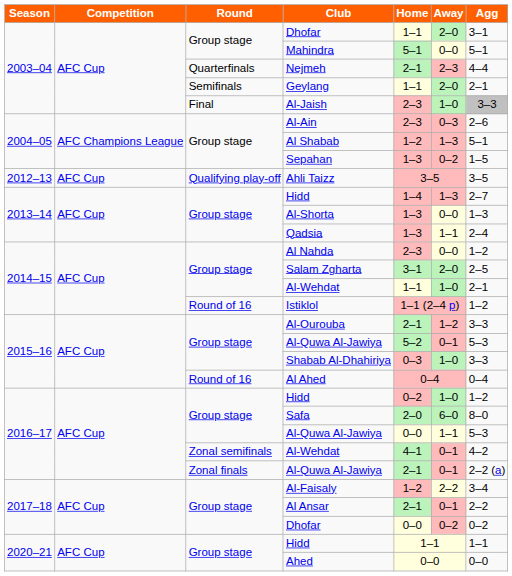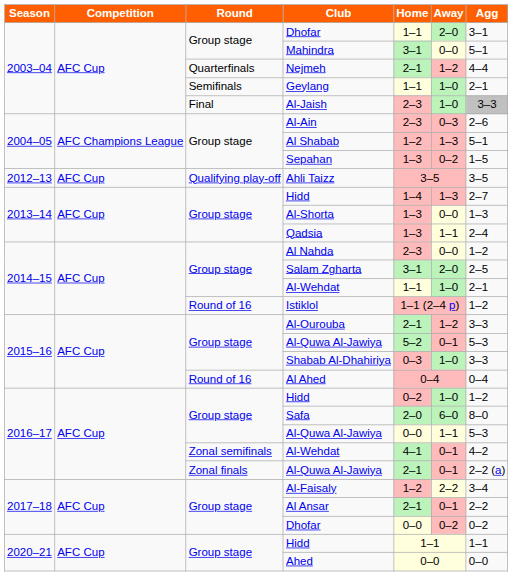 <table class="wikitable">
 <tr>
 <th style="color:white; background: #FF5F00;">Season</th>
 <th style="color:white; background: #FF5F00;">Competition</th>
 <th style="color:white; background:#FF5F00;">Round</th>
 <th style="color:white; background:#FF5F00;">Club</th>
 <th style="color:white; background:#FF5F00;">Home</th>
 <th style="color:white; background:#FF5F00;">Away</th>
 <th style="color:white; background:#FF5F00;">Agg</th>
 </tr>
 <tr>
 <td rowspan=5><a href='#'>2003–04</a></td>
 <td rowspan=5><a href='#'>AFC Cup</a></td>
 <td rowspan=2>Group stage</td>
 <td> <a href='#'>Dhofar</a></td>
 <td align="center" colspan="1" style="background: #ffd;">1–1</td>
 <td align="center" style="background: #BBF3BB;">2–0</td>
 <td>3–1</td>
 </tr>
 <tr>
 <td> <a href='#'>Mahindra</a></td>
-<td align="center" style="background: #BBF3BB;">5–1</td>
+<td align="center" style="background: #BBF3BB;">3–1</td>
 <td align="center" style="background: #ffd;">0–0</td>
 <td>5–1</td>
 </tr>
 <tr>
 <td>Quarterfinals</td>
 <td> <a href='#'>Nejmeh</a></td>
 <td align="center" colspan="1" style="background: #BBF3BB;">2–1</td>
-<td align="center" style="background: #FFBBBB;">2–3</td>
+<td align="center" style="background: #FFBBBB;">1–2</td>
 <td>4–4</td>
 </tr>
 <tr>
 <td>Semifinals</td>
 <td> <a href='#'>Geylang</a></td>
 <td align="center" style="background: #ffd;">1–1</td>
-<td align="center" style="background: #BBF3BB;">2–0</td>
+<td align="center" colspan="1" style="background: #BBF3BB;">1–0</td>
 <td>2–1</td>
 </tr>
 <tr>
 <td>Final</td>
 <td> <a href='#'>Al-Jaish</a></td>
 <td align="center" style="background: #FFBBBB;">2–3</td>
 <td align="center" colspan="1" style="background: #BBF3BB;">1–0</td>
 <td align="center" colspan="1" style="background: silver;">3–3 </td>
 </tr>
 <tr>
 <td rowspan=3><a href='#'>2004–05</a></td>
 <td rowspan=3><a href='#'>AFC Champions League</a></td>
 <td rowspan=3>Group stage</td>
 <td> <a href='#'>Al-Ain</a></td>
 <td align="center" style="background: #FFBBBB;">2–3</td>
 <td align="center" style="background: #FFBBBB;">0–3</td>
 <td>2–6</td>
 </tr>
 <tr>
 <td> <a href='#'>Al Shabab</a></td>
 <td align="center" style="background: #FFBBBB;">1–2</td>
 <td align="center" style="background: #FFBBBB;">1–3</td>
 <td>5–1</td>
 </tr>
 <tr>
 <td> <a href='#'>Sepahan</a></td>
 <td align="center" style="background: #FFBBBB;">1–3</td>
 <td align="center" style="background: #FFBBBB;">0–2</td>
 <td>1–5</td>
 </tr>
 <tr>
 <td rowspan=1><a href='#'>2012–13</a></td>
 <td rowspan=1><a href='#'>AFC Cup</a></td>
 <td rowspan=1><a href='#'>Qualifying play-off</a></td>
 <td> <a href='#'>Ahli Taizz</a></td>
 <td align="center" colspan="2"  style="background: #FFBBBB;">3–5</td>
 <td>3–5</td>
 </tr>
 <tr>
 <td rowspan=3><a href='#'>2013–14</a></td>
 <td rowspan=3><a href='#'>AFC Cup</a></td>
 <td rowspan=3><a href='#'>Group stage</a></td>
 <td> <a href='#'>Hidd</a></td>
 <td align="center" style="background: #FFBBBB;">1–4</td>
 <td align="center" style="background: #FFBBBB;">1–3</td>
 <td>2–7</td>
 </tr>
 <tr>
 <td> <a href='#'>Al-Shorta</a></td>
 <td align="center" style="background: #FFBBBB;">1–3</td>
 <td align="center" style="background: #ffd;">0–0</td>
 <td>1–3</td>
 </tr>
 <tr>
 <td> <a href='#'>Qadsia</a></td>
 <td align="center" style="background: #FFBBBB;">1–3</td>
 <td align="center" style="background: #ffd;">1–1</td>
 <td>2–4</td>
 </tr>
 <tr>
 <td rowspan=4><a href='#'>2014–15</a></td>
 <td rowspan=4><a href='#'>AFC Cup</a></td>
 <td rowspan=3><a href='#'>Group stage</a></td>
 <td> <a href='#'>Al Nahda</a></td>
 <td align="center" style="background: #FFBBBB;">2–3</td>
 <td align="center" style="background: #ffd;">0–0</td>
 <td>1–2</td>
 </tr>
 <tr>
 <td> <a href='#'>Salam Zgharta</a></td>
 <td align="center" style="background: #BBF3BB;">3–1</td>
 <td align="center" style="background: #BBF3BB;">2–0</td>
 <td>2–5</td>
 </tr>
 <tr>
 <td> <a href='#'>Al-Wehdat</a></td>
 <td align="center" style="background: #ffd;">1–1</td>
 <td align="center" style="background: #BBF3BB;">1–0</td>
 <td>2–1</td>
 </tr>
 <tr>
 <td><a href='#'>Round of 16</a></td>
 <td> <a href='#'>Istiklol</a></td>
 <td align="center" colspan="2"  style="background: #FFBBBB;">1–1  (2–4 <a href='#'>p</a>)</td>
 <td>1–2</td>
 </tr>
 <tr>
 <td rowspan=4><a href='#'>2015–16</a></td>
 <td rowspan=4><a href='#'>AFC Cup</a></td>
 <td rowspan=3><a href='#'>Group stage</a></td>
 <td> <a href='#'>Al-Ourouba</a></td>
 <td align="center" style="background: #BBF3BB;">2–1</td>
 <td align="center" style="background: #FFBBBB;">1–2</td>
 <td>3–3</td>
 </tr>
 <tr>
 <td> <a href='#'>Al-Quwa Al-Jawiya</a></td>
 <td align="center" style="background: #BBF3BB;">5–2</td>
 <td align="center" style="background: #FFBBBB;">0–1</td>
 <td>5–3</td>
 </tr>
 <tr>
 <td> <a href='#'>Shabab Al-Dhahiriya</a></td>
 <td align="center" style="background: #FFBBBB;">0–3</td>
 <td align="center" colspan="1" style="background: #BBF3BB;">1–0</td>
 <td>3–3</td>
 </tr>
 <tr>
 <td><a href='#'>Round of 16</a></td>
 <td> <a href='#'>Al Ahed</a></td>
 <td align="center" colspan="2"  style="background: #FFBBBB;">0–4</td>
 <td>0–4</td>
 </tr>
 <tr>
 <td rowspan=5><a href='#'>2016–17</a></td>
 <td rowspan=5><a href='#'>AFC Cup</a></td>
 <td rowspan=3><a href='#'>Group stage</a></td>
 <td> <a href='#'>Hidd</a></td>
 <td align="center" style="background: #FFBBBB;">0–2</td>
 <td align="center" style="background: #BBF3BB;">1–0</td>
 <td>1–2</td>
 </tr>
 <tr>
 <td> <a href='#'>Safa</a></td>
 <td align="center" style="background: #BBF3BB;">2–0</td>
 <td align="center" style="background: #BBF3BB;">6–0</td>
 <td>8–0</td>
 </tr>
 <tr>
 <td> <a href='#'>Al-Quwa Al-Jawiya</a></td>
 <td align="center" style="background: #ffd;">0–0</td>
 <td align="center" style="background: #ffd;">1–1</td>
 <td>5–3</td>
 </tr>
 <tr>
 <td><a href='#'>Zonal semifinals</a></td>
 <td> <a href='#'>Al-Wehdat</a></td>
 <td align="center" style="background: #BBF3BB;">4–1</td>
 <td align="center" style="background: #FFBBBB;">0–1</td>
 <td>4–2</td>
 </tr>
 <tr>
 <td><a href='#'>Zonal finals</a></td>
 <td> <a href='#'>Al-Quwa Al-Jawiya</a></td>
 <td align="center" style="background: #BBF3BB;">2–1</td>
 <td align="center" style="background: #FFBBBB;">0–1</td>
 <td>2–2 (<a href='#'>a</a>)</td>
 </tr>
 <tr>
 <td rowspan=3><a href='#'>2017–18</a></td>
 <td rowspan=3><a href='#'>AFC Cup</a></td>
 <td rowspan=3><a href='#'>Group stage</a></td>
 <td> <a href='#'>Al-Faisaly</a></td>
 <td align="center" style="background: #FFBBBB;">1–2</td>
 <td align="center" style="background: #ffd;">2–2</td>
 <td>3–4</td>
 </tr>
 <tr>
 <td> <a href='#'>Al Ansar</a></td>
 <td align="center" style="background: #BBF3BB;">2–1</td>
 <td align="center" style="background: #FFBBBB;">0–1</td>
 <td>2–2</td>
 </tr>
 <tr>
 <td> <a href='#'>Dhofar</a></td>
 <td align="center" style="background: #ffd;">0–0</td>
 <td align="center" style="background: #FFBBBB;">0–2</td>
 <td>0–2</td>
 </tr>
 <tr>
 <td rowspan=2><a href='#'>2020–21</a></td>
 <td rowspan=2><a href='#'>AFC Cup</a></td>
 <td rowspan=2><a href='#'>Group stage</a></td>
 <td> <a href='#'>Hidd</a></td>
 <td align="center" colspan="2"  style="background: #ffd;">1–1</td>
 <td>1–1</td>
 </tr>
 <tr>
 <td> <a href='#'>Ahed</a></td>
 <td align="center" colspan="2"  style="background: #ffd;">0–0</td>
 <td>0–0</td>
 </tr>
 </table>
